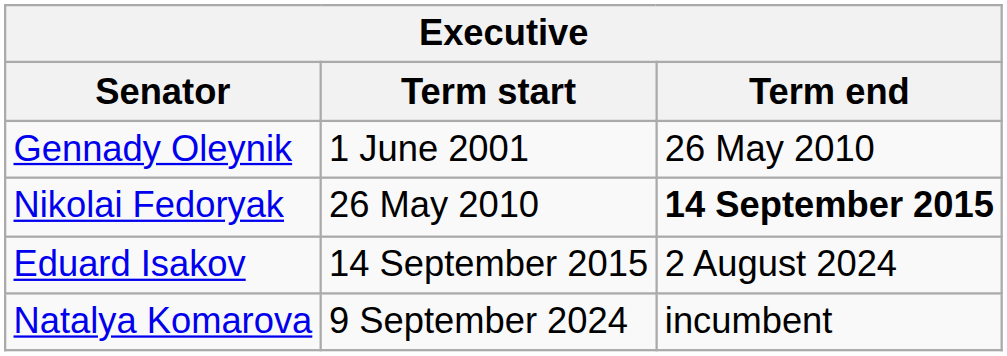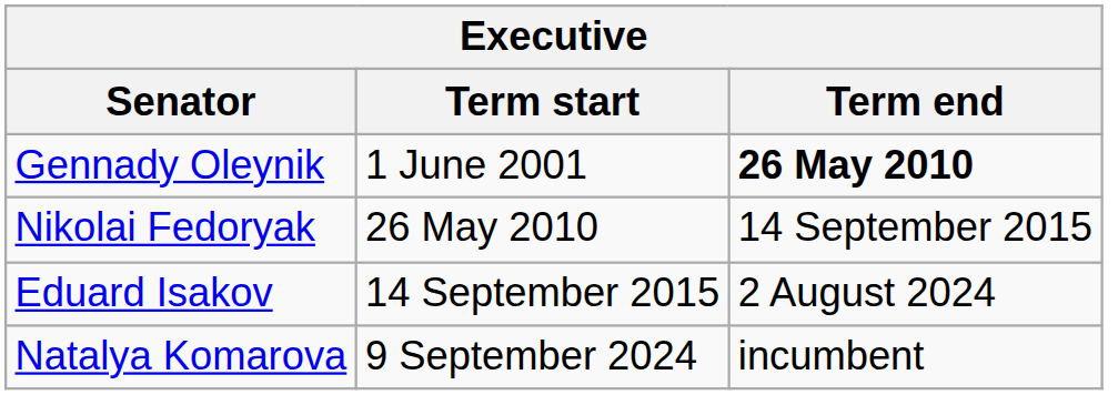 <table class="wikitable sortable">
 <tr>
 <th colspan=3>Executive</th>
 </tr>
 <tr>
 <th>Senator</th>
 <th>Term start</th>
 <th>Term end</th>
 </tr>
 <tr>
 <td><a href='#'>Gennady Oleynik</a></td>
 <td>1 June 2001</td>
-<td>26 May 2010</td>
+<td><strong>26 May 2010</strong></td>
 </tr>
 <tr>
 <td><a href='#'>Nikolai Fedoryak</a></td>
 <td>26 May 2010</td>
-<td><strong>14 September 2015</strong></td>
+<td>14 September 2015</td>
 </tr>
 <tr>
 <td><a href='#'>Eduard Isakov</a></td>
 <td>14 September 2015</td>
 <td>2 August 2024</td>
 </tr>
 <tr>
 <td><a href='#'>Natalya Komarova</a></td>
 <td>9 September 2024</td>
 <td>incumbent</td>
 </tr>
 </table>
